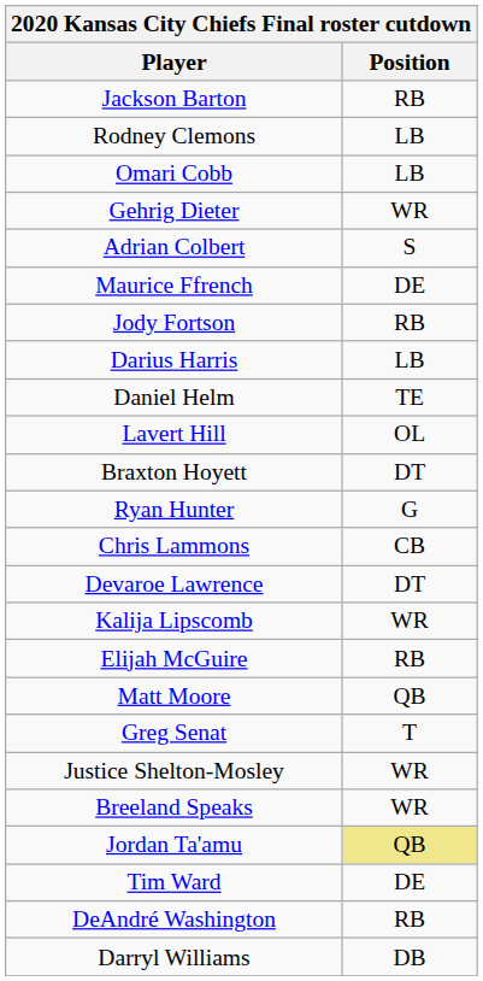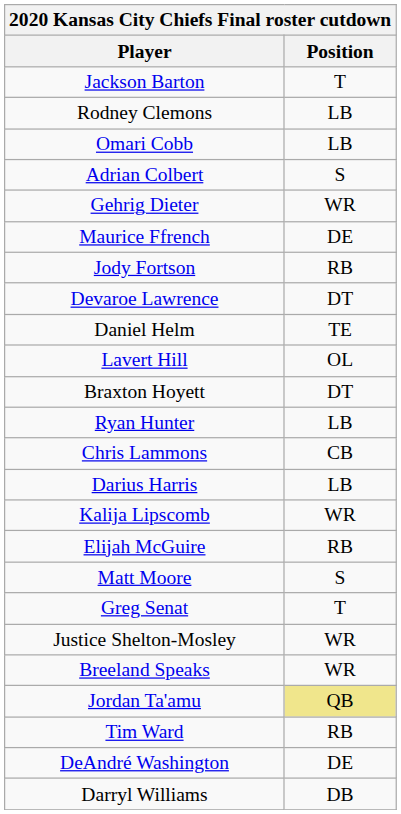 <table class="wikitable" style="text-align:center">
 <tr>
 <th colspan=2>2020 Kansas City Chiefs Final roster cutdown</th>
 </tr>
 <tr>
 <th>Player</th>
 <th>Position</th>
 </tr>
 <tr>
 <td><a href='#'>Jackson Barton</a></td>
-<td>RB</td>
+<td>T</td>
 </tr>
 <tr>
 <td>Rodney Clemons</td>
 <td>LB</td>
 </tr>
 <tr>
 <td><a href='#'>Omari Cobb</a></td>
 <td>LB</td>
 </tr>
 <tr>
+<td><a href='#'>Adrian Colbert</a></td>
+<td>S</td>
+</tr>
+<tr>
 <td><a href='#'>Gehrig Dieter</a></td>
 <td>WR</td>
-</tr>
-<tr>
-<td><a href='#'>Adrian Colbert</a></td>
-<td>S</td>
 </tr>
 <tr>
 <td><a href='#'>Maurice Ffrench</a></td>
 <td>DE</td>
 </tr>
 <tr>
 <td><a href='#'>Jody Fortson</a></td>
 <td>RB</td>
 </tr>
 <tr>
-<td><a href='#'>Darius Harris</a></td>
-<td>LB</td>
+<td><a href='#'>Devaroe Lawrence</a></td>
+<td>DT</td>
 </tr>
 <tr>
 <td>Daniel Helm</td>
 <td>TE</td>
 </tr>
 <tr>
 <td><a href='#'>Lavert Hill</a></td>
 <td>OL</td>
 </tr>
 <tr>
 <td>Braxton Hoyett</td>
 <td>DT</td>
 </tr>
 <tr>
 <td><a href='#'>Ryan Hunter</a></td>
-<td>G</td>
+<td>LB</td>
 </tr>
 <tr>
 <td><a href='#'>Chris Lammons</a></td>
 <td>CB</td>
 </tr>
 <tr>
-<td><a href='#'>Devaroe Lawrence</a></td>
-<td>DT</td>
+<td><a href='#'>Darius Harris</a></td>
+<td>LB</td>
 </tr>
 <tr>
 <td><a href='#'>Kalija Lipscomb</a></td>
 <td>WR</td>
 </tr>
 <tr>
 <td><a href='#'>Elijah McGuire</a></td>
 <td>RB</td>
 </tr>
 <tr>
 <td><a href='#'>Matt Moore</a></td>
-<td>QB</td>
+<td>S</td>
 </tr>
 <tr>
 <td><a href='#'>Greg Senat</a></td>
 <td>T</td>
 </tr>
 <tr>
 <td>Justice Shelton-Mosley</td>
 <td>WR</td>
 </tr>
 <tr>
 <td><a href='#'>Breeland Speaks</a></td>
 <td>WR</td>
 </tr>
 <tr>
 <td><a href='#'>Jordan Ta'amu</a></td>
 <td style="background: khaki;">QB</td>
 </tr>
 <tr>
 <td><a href='#'>Tim Ward</a></td>
-<td>DE</td>
+<td>RB</td>
 </tr>
 <tr>
 <td><a href='#'>DeAndré Washington</a></td>
-<td>RB</td>
+<td>DE</td>
 </tr>
 <tr>
 <td>Darryl Williams</td>
 <td>DB</td>
 </tr>
 </table>
